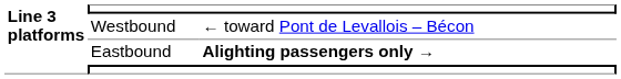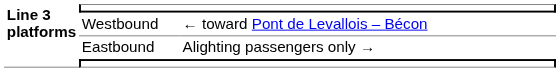 <table border=0 cellspacing=0 cellpadding=3>
 <tr>
 <td style="border-bottom:solid 1px gray;" width=50 rowspan=10 valign=top><strong>Line 3 platforms</strong></td>
 <td style="border-top:solid 1px gray;border-right:solid 2px black;border-left:solid 2px black;border-bottom:solid 2px black;text-align:center;" colspan=2></td>
 </tr>
 <tr>
 <td style="border-bottom:solid 1px gray;" width=100>Westbound</td>
 <td style="border-bottom:solid 1px gray;" width=390>←   toward <a href='#'>Pont de Levallois – Bécon</a> </td>
 </tr>
 <tr>
 <td>Eastbound</td>
-<td><strong>   Alighting passengers only →</strong></td>
+<td>   Alighting passengers only →</td>
 </tr>
 <tr>
 <td style="border-top:solid 2px black;border-right:solid 2px black;border-left:solid 2px black;border-bottom:solid 1px gray;text-align:center;" colspan=2></td>
 </tr>
 </table>
